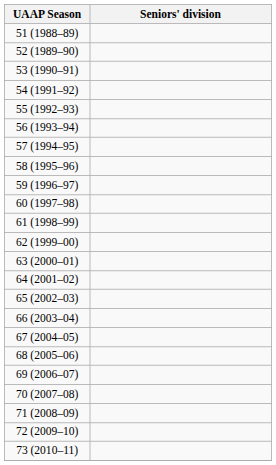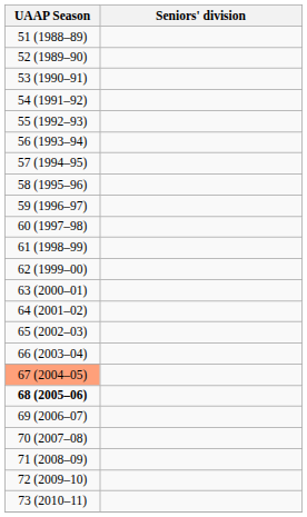 <table class="wikitable" style="font-size:90%;">
 <tr>
 <th width=100px>UAAP Season</th>
 <th width=220px>Seniors' division</th>
 </tr>
 <tr>
 <td align=center>51 (1988–89)</td>
 <td></td>
 </tr>
 <tr>
 <td align=center>52 (1989–90)</td>
 <td></td>
 </tr>
 <tr>
 <td align=center>53 (1990–91)</td>
 <td></td>
 </tr>
 <tr>
 <td align=center>54 (1991–92)</td>
 <td></td>
 </tr>
 <tr>
 <td align=center>55 (1992–93)</td>
 <td></td>
 </tr>
 <tr>
 <td align=center>56 (1993–94)</td>
 <td></td>
 </tr>
 <tr>
 <td align=center>57 (1994–95)</td>
 <td></td>
 </tr>
 <tr>
 <td align=center>58 (1995–96)</td>
 <td></td>
 </tr>
 <tr>
 <td align=center>59 (1996–97)</td>
 <td></td>
 </tr>
 <tr>
 <td align=center>60 (1997–98)</td>
 <td></td>
 </tr>
 <tr>
 <td align=center>61 (1998–99)</td>
 <td></td>
 </tr>
 <tr>
 <td align=center>62 (1999–00)</td>
 <td></td>
 </tr>
 <tr>
 <td align=center>63 (2000–01)</td>
 <td></td>
 </tr>
 <tr>
 <td align=center>64 (2001–02)</td>
 <td></td>
 </tr>
 <tr>
 <td align=center>65 (2002–03)</td>
 <td></td>
 </tr>
 <tr>
 <td align=center>66 (2003–04)</td>
 <td></td>
 </tr>
 <tr>
-<td align=center>67 (2004–05)</td>
+<td align=center style="background: lightsalmon;">67 (2004–05)</td>
 <td></td>
 </tr>
 <tr>
-<td align=center>68 (2005–06)</td>
+<td align=center><strong>68 (2005–06)</strong></td>
 <td></td>
 </tr>
 <tr>
 <td align=center>69 (2006–07)</td>
 <td></td>
 </tr>
 <tr>
 <td align=center>70 (2007–08)</td>
 <td></td>
 </tr>
 <tr>
 <td align=center>71 (2008–09)</td>
 <td></td>
 </tr>
 <tr>
 <td align=center>72 (2009–10)</td>
 <td></td>
 </tr>
 <tr>
 <td align=center>73 (2010–11)</td>
 <td></td>
 </tr>
 <tr>
 </tr>
 </table>
